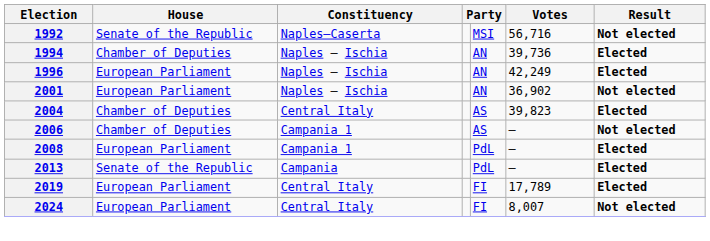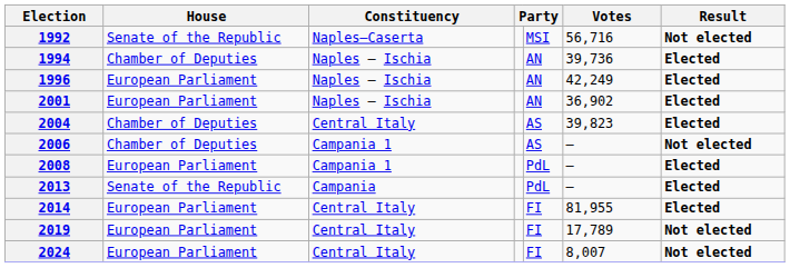 <table class=wikitable style="width:61%; border:1px #AAAAFF solid">
 <tr>
 <th width=12%>Election</th>
 <th width=25%>House</th>
 <th width=25%>Constituency</th>
 <th width=5% colspan="2">Party</th>
 <th width=12%>Votes</th>
 <th width=15%>Result</th>
 </tr>
 <tr>
 <th><a href='#'>1992</a></th>
 <td><a href='#'>Senate of the Republic</a></td>
 <td><a href='#'>Naples–Caserta</a></td>
 <td></td>
 <td><a href='#'>MSI</a></td>
 <td>56,716</td>
 <td> <strong>Not elected</strong></td>
 </tr>
 <tr>
 <th><a href='#'>1994</a></th>
 <td><a href='#'>Chamber of Deputies</a></td>
 <td><a href='#'>Naples</a> – <a href='#'>Ischia</a></td>
 <td></td>
 <td><a href='#'>AN</a></td>
 <td>39,736</td>
 <td> <strong>Elected</strong></td>
 </tr>
 <tr>
 <th><a href='#'>1996</a></th>
 <td><a href='#'>European Parliament</a></td>
 <td><a href='#'>Naples</a> – <a href='#'>Ischia</a></td>
 <td></td>
 <td><a href='#'>AN</a></td>
 <td>42,249</td>
 <td> <strong>Elected</strong></td>
 </tr>
 <tr>
 <th><a href='#'>2001</a></th>
 <td><a href='#'>European Parliament</a></td>
 <td><a href='#'>Naples</a> – <a href='#'>Ischia</a></td>
 <td></td>
 <td><a href='#'>AN</a></td>
 <td>36,902</td>
-<td> <strong>Not elected</strong></td>
+<td> <strong>Elected</strong></td>
 </tr>
 <tr>
 <th><a href='#'>2004</a></th>
 <td><a href='#'>Chamber of Deputies</a></td>
 <td><a href='#'>Central Italy</a></td>
 <td></td>
 <td><a href='#'>AS</a></td>
 <td>39,823</td>
 <td> <strong>Elected</strong></td>
 </tr>
 <tr>
 <th><a href='#'>2006</a></th>
 <td><a href='#'>Chamber of Deputies</a></td>
 <td><a href='#'>Campania 1</a></td>
 <td></td>
 <td><a href='#'>AS</a></td>
 <td>–</td>
 <td> <strong>Not elected</strong></td>
 </tr>
 <tr>
 <th><a href='#'>2008</a></th>
 <td><a href='#'>European Parliament</a></td>
 <td><a href='#'>Campania 1</a></td>
 <td></td>
 <td><a href='#'>PdL</a></td>
 <td>–</td>
 <td> <strong>Elected</strong></td>
 </tr>
 <tr>
 <th><a href='#'>2013</a></th>
 <td><a href='#'>Senate of the Republic</a></td>
 <td><a href='#'>Campania</a></td>
 <td></td>
 <td><a href='#'>PdL</a></td>
 <td>–</td>
 <td> <strong>Elected</strong></td>
 </tr>
 <tr>
+<th><a href='#'>2014</a></th>
+<td><a href='#'>European Parliament</a></td>
+<td><a href='#'>Central Italy</a></td>
+<td></td>
+<td><a href='#'>FI</a></td>
+<td>81,955</td>
+<td> <strong>Elected</strong></td>
+</tr>
+<tr>
 <th><a href='#'>2019</a></th>
 <td><a href='#'>European Parliament</a></td>
 <td><a href='#'>Central Italy</a></td>
 <td></td>
 <td><a href='#'>FI</a></td>
 <td>17,789</td>
-<td> <strong>Elected</strong></td>
+<td> <strong>Not elected</strong></td>
 </tr>
 <tr>
 <th><a href='#'>2024</a></th>
 <td><a href='#'>European Parliament</a></td>
 <td><a href='#'>Central Italy</a></td>
 <td></td>
 <td><a href='#'>FI</a></td>
 <td>8,007</td>
 <td> <strong>Not elected</strong></td>
 </tr>
 <tr>
 </tr>
 </table>
